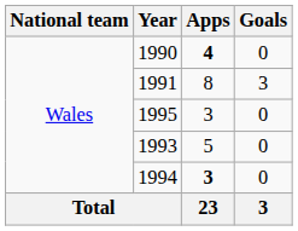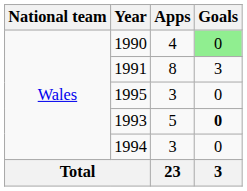 <table class="wikitable" style="text-align:center">
 <tr>
 <th>National team</th>
 <th>Year</th>
 <th>Apps</th>
 <th>Goals</th>
 </tr>
 <tr>
 <td rowspan="5"><a href='#'>Wales</a></td>
 <td>1990</td>
-<td><strong>4</strong></td>
-<td>0</td>
+<td>4</td>
+<td style="background: lightgreen;">0</td>
 </tr>
 <tr>
 <td>1991</td>
 <td>8</td>
 <td>3</td>
 </tr>
 <tr>
 <td>1995</td>
 <td>3</td>
 <td>0</td>
 </tr>
 <tr>
 <td>1993</td>
 <td>5</td>
-<td>0</td>
+<td><strong>0</strong></td>
 </tr>
 <tr>
 <td>1994</td>
-<td><strong>3</strong></td>
+<td>3</td>
 <td>0</td>
 </tr>
 <tr>
 <th colspan="2">Total</th>
 <th>23</th>
 <th>3</th>
 </tr>
 </table>
